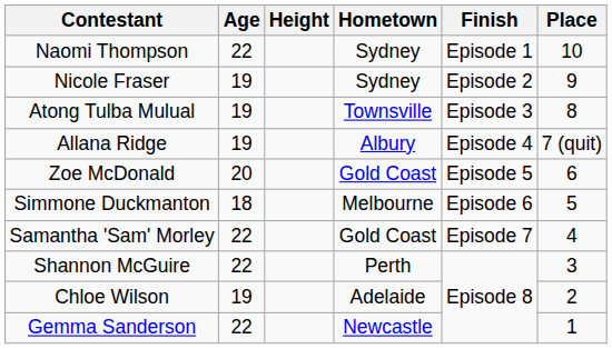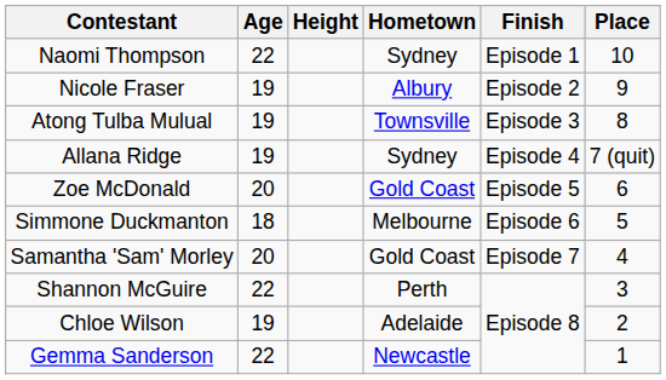 <table class="wikitable sortable" style="text-align:center;">
 <tr>
 <th>Contestant</th>
 <th>Age</th>
 <th>Height</th>
 <th>Hometown</th>
 <th>Finish</th>
 <th>Place</th>
 </tr>
 <tr>
 <td>Naomi Thompson</td>
 <td>22</td>
 <td></td>
 <td>Sydney</td>
 <td>Episode 1</td>
 <td>10</td>
 </tr>
 <tr>
 <td>Nicole Fraser</td>
 <td>19</td>
 <td></td>
-<td>Sydney</td>
+<td><a href='#'>Albury</a></td>
 <td>Episode 2</td>
 <td>9</td>
 </tr>
 <tr>
 <td>Atong Tulba Mulual</td>
 <td>19</td>
 <td></td>
 <td><a href='#'>Townsville</a></td>
 <td>Episode 3</td>
 <td>8</td>
 </tr>
 <tr>
 <td>Allana Ridge</td>
 <td>19</td>
 <td></td>
-<td><a href='#'>Albury</a></td>
+<td>Sydney</td>
 <td>Episode 4</td>
 <td>7 (quit)</td>
 </tr>
 <tr>
 <td>Zoe McDonald</td>
 <td>20</td>
 <td></td>
 <td><a href='#'>Gold Coast</a></td>
 <td>Episode 5</td>
 <td>6</td>
 </tr>
 <tr>
 <td>Simmone Duckmanton</td>
 <td>18</td>
 <td></td>
 <td>Melbourne</td>
 <td>Episode 6</td>
 <td>5</td>
 </tr>
 <tr>
 <td>Samantha 'Sam' Morley</td>
-<td>22</td>
+<td>20</td>
 <td></td>
 <td>Gold Coast</td>
 <td>Episode 7</td>
 <td>4</td>
 </tr>
 <tr>
 <td>Shannon McGuire</td>
 <td>22</td>
 <td></td>
 <td>Perth</td>
 <td rowspan="3">Episode 8</td>
 <td>3</td>
 </tr>
 <tr>
 <td>Chloe Wilson</td>
 <td>19</td>
 <td></td>
 <td>Adelaide</td>
 <td>2</td>
 </tr>
 <tr>
 <td><a href='#'>Gemma Sanderson</a></td>
 <td>22</td>
 <td></td>
 <td><a href='#'>Newcastle</a></td>
 <td>1</td>
 </tr>
 </table>
